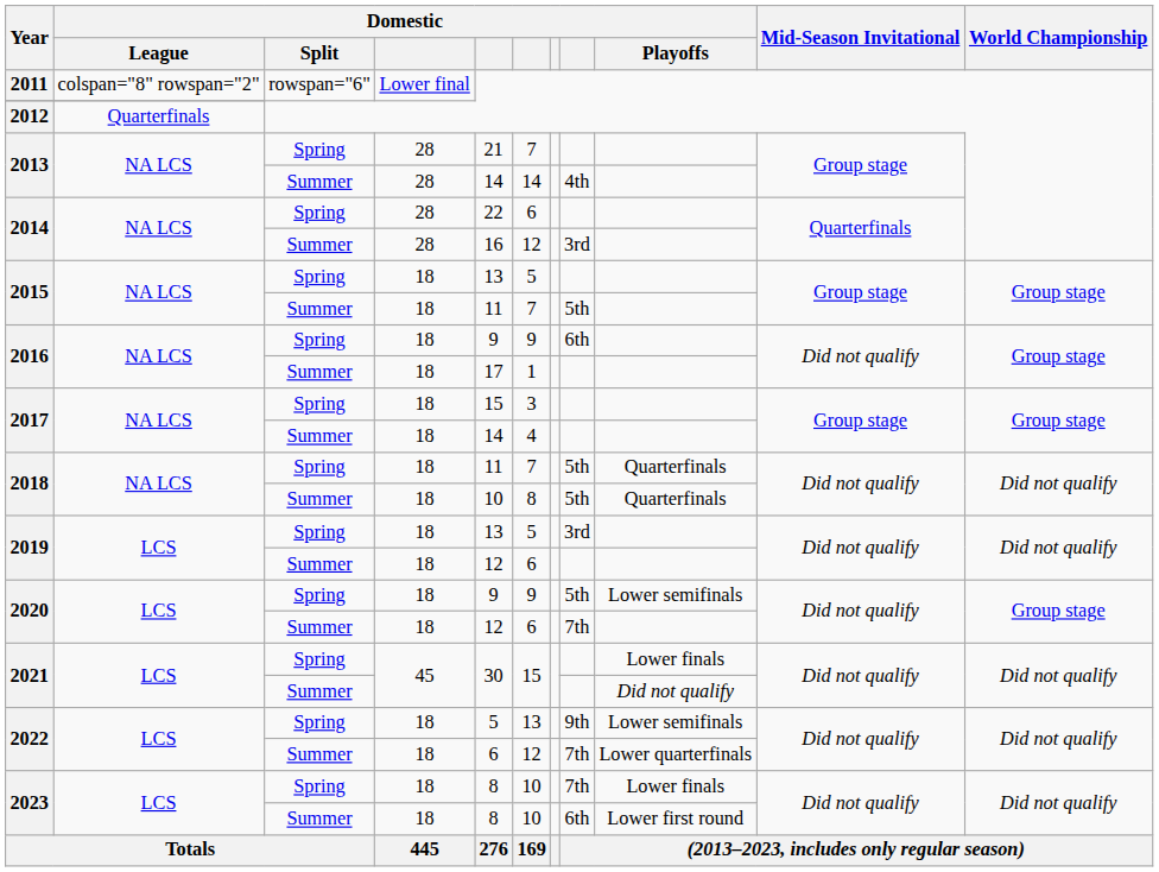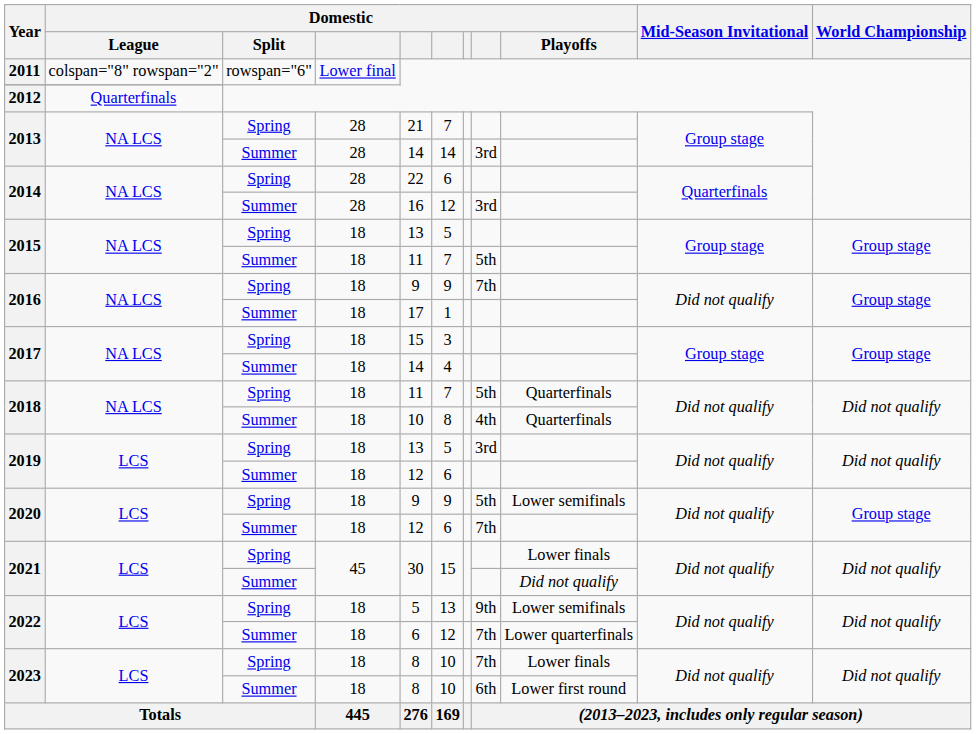 <table class="wikitable sortable" style="font-size:90%; text-align:center;">
 <tr style="background:#f0f6ff;">
 <th rowspan=2>Year</th>
 <th colspan=8>Domestic</th>
 <th rowspan=2><a href='#'>Mid-Season Invitational</a></th>
 <th rowspan=2><a href='#'>World Championship</a></th>
 </tr>
 <tr>
 <th>League</th>
 <th>Split</th>
 <th></th>
 <th></th>
 <th></th>
 <th></th>
 <th></th>
 <th>Playoffs</th>
 </tr>
 <tr>
 <th scope="row">2011</th>
 <td>colspan="8" rowspan="2" </td>
 <td>rowspan="6" </td>
 <td><a href='#'>Lower final</a></td>
 </tr>
 <tr>
 </tr>
 <tr>
 <th scope="row">2012</th>
 <td><a href='#'>Quarterfinals</a></td>
 </tr>
 <tr>
 <th scope="row" rowspan=2>2013</th>
 <td rowspan=2><a href='#'>NA LCS</a></td>
 <td><a href='#'>Spring</a></td>
 <td>28</td>
 <td>21</td>
 <td>7</td>
 <td></td>
 <td></td>
 <td></td>
 <td rowspan=2><a href='#'>Group stage</a></td>
 </tr>
 <tr>
 <td><a href='#'>Summer</a></td>
 <td>28</td>
 <td>14</td>
 <td>14</td>
 <td></td>
-<td>4th</td>
+<td>3rd</td>
 <td></td>
 </tr>
 <tr>
 <th scope="row" rowspan=2>2014</th>
 <td rowspan=2><a href='#'>NA LCS</a></td>
 <td><a href='#'>Spring</a></td>
 <td>28</td>
 <td>22</td>
 <td>6</td>
 <td></td>
 <td></td>
 <td></td>
 <td rowspan=2><a href='#'>Quarterfinals</a></td>
 </tr>
 <tr>
 <td><a href='#'>Summer</a></td>
 <td>28</td>
 <td>16</td>
 <td>12</td>
 <td></td>
 <td>3rd</td>
 <td></td>
 </tr>
 <tr>
 <th scope="row" rowspan=2>2015</th>
 <td rowspan=2><a href='#'>NA LCS</a></td>
 <td><a href='#'>Spring</a></td>
 <td>18</td>
 <td>13</td>
 <td>5</td>
 <td></td>
 <td></td>
 <td></td>
 <td rowspan=2><a href='#'>Group stage</a></td>
 <td rowspan=2><a href='#'>Group stage</a></td>
 </tr>
 <tr>
 <td><a href='#'>Summer</a></td>
 <td>18</td>
 <td>11</td>
 <td>7</td>
 <td></td>
 <td>5th</td>
 <td></td>
 </tr>
 <tr>
 <th scope="row" rowspan=2>2016</th>
 <td rowspan=2><a href='#'>NA LCS</a></td>
 <td><a href='#'>Spring</a></td>
 <td>18</td>
 <td>9</td>
 <td>9</td>
 <td></td>
-<td>6th</td>
+<td>7th</td>
 <td></td>
 <td rowspan=2><em>Did not qualify</em></td>
 <td rowspan=2><a href='#'>Group stage</a></td>
 </tr>
 <tr>
 <td><a href='#'>Summer</a></td>
 <td>18</td>
 <td>17</td>
 <td>1</td>
 <td></td>
 <td></td>
 <td></td>
 </tr>
 <tr>
 <th scope="row" rowspan=2>2017</th>
 <td rowspan=2><a href='#'>NA LCS</a></td>
 <td><a href='#'>Spring</a></td>
 <td>18</td>
 <td>15</td>
 <td>3</td>
 <td></td>
 <td></td>
 <td></td>
 <td rowspan=2><a href='#'>Group stage</a></td>
 <td rowspan=2><a href='#'>Group stage</a></td>
 </tr>
 <tr>
 <td><a href='#'>Summer</a></td>
 <td>18</td>
 <td>14</td>
 <td>4</td>
 <td></td>
 <td></td>
 <td></td>
 </tr>
 <tr>
 <th scope="row" rowspan=2>2018</th>
 <td rowspan=2><a href='#'>NA LCS</a></td>
 <td><a href='#'>Spring</a></td>
 <td>18</td>
 <td>11</td>
 <td>7</td>
 <td></td>
 <td>5th</td>
 <td>Quarterfinals</td>
 <td rowspan=2><em>Did not qualify</em></td>
 <td rowspan=2><em>Did not qualify</em></td>
 </tr>
 <tr>
 <td><a href='#'>Summer</a></td>
 <td>18</td>
 <td>10</td>
 <td>8</td>
 <td></td>
-<td>5th</td>
+<td>4th</td>
 <td>Quarterfinals</td>
 </tr>
 <tr>
 <th scope="row" rowspan=2>2019</th>
 <td rowspan=2><a href='#'>LCS</a></td>
 <td><a href='#'>Spring</a></td>
 <td>18</td>
 <td>13</td>
 <td>5</td>
 <td></td>
 <td>3rd</td>
 <td></td>
 <td rowspan=2><em>Did not qualify</em></td>
 <td rowspan=2><em>Did not qualify</em></td>
 </tr>
 <tr>
 <td><a href='#'>Summer</a></td>
 <td>18</td>
 <td>12</td>
 <td>6</td>
 <td></td>
 <td></td>
 <td></td>
 </tr>
 <tr>
 <th scope="row" rowspan=2>2020</th>
 <td rowspan=2><a href='#'>LCS</a></td>
 <td><a href='#'>Spring</a></td>
 <td>18</td>
 <td>9</td>
 <td>9</td>
 <td></td>
 <td>5th</td>
 <td>Lower semifinals</td>
 <td rowspan=2><em>Did not qualify</em></td>
 <td rowspan=2><a href='#'>Group stage</a></td>
 </tr>
 <tr>
 <td><a href='#'>Summer</a></td>
 <td>18</td>
 <td>12</td>
 <td>6</td>
 <td></td>
 <td>7th</td>
 <td></td>
 </tr>
 <tr>
 <th scope="row" rowspan=2>2021</th>
 <td rowspan=2><a href='#'>LCS</a></td>
 <td><a href='#'>Spring</a></td>
 <td rowspan=2>45</td>
 <td rowspan=2>30</td>
 <td rowspan=2>15</td>
 <td rowspan=2></td>
 <td></td>
 <td>Lower finals</td>
 <td rowspan=2><em>Did not qualify</em></td>
 <td rowspan=2><em>Did not qualify</em></td>
 </tr>
 <tr>
 <td><a href='#'>Summer</a></td>
 <td></td>
 <td><em>Did not qualify</em></td>
 </tr>
 <tr>
 <th scope="row" rowspan=2>2022</th>
 <td rowspan=2><a href='#'>LCS</a></td>
 <td><a href='#'>Spring</a></td>
 <td>18</td>
 <td>5</td>
 <td>13</td>
 <td></td>
 <td>9th</td>
 <td>Lower semifinals</td>
 <td rowspan=2><em>Did not qualify</em></td>
 <td rowspan=2><em>Did not qualify</em></td>
 </tr>
 <tr>
 <td><a href='#'>Summer</a></td>
 <td>18</td>
 <td>6</td>
 <td>12</td>
 <td></td>
 <td>7th</td>
 <td>Lower quarterfinals</td>
 </tr>
 <tr>
 <th scope="row" rowspan=2>2023</th>
 <td rowspan=2><a href='#'>LCS</a></td>
 <td><a href='#'>Spring</a></td>
 <td>18</td>
 <td>8</td>
 <td>10</td>
 <td></td>
 <td>7th</td>
 <td>Lower finals</td>
 <td rowspan=2><em>Did not qualify</em></td>
 <td rowspan=2><em>Did not qualify</em></td>
 </tr>
 <tr>
 <td><a href='#'>Summer</a></td>
 <td>18</td>
 <td>8</td>
 <td>10</td>
 <td></td>
 <td>6th</td>
 <td>Lower first round</td>
 </tr>
 <tr>
 <th colspan=3>Totals</th>
 <th>445</th>
 <th>276</th>
 <th>169</th>
 <th></th>
 <th colspan=4><em>(2013–2023, includes only regular season)</em></th>
 </tr>
 </table>
